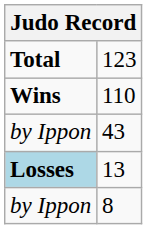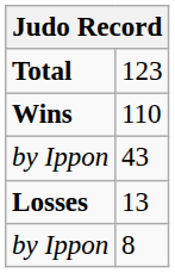 <table class="wikitable">
 <tr>
 <th colspan="2">Judo Record</th>
 </tr>
 <tr>
 <td><strong>Total</strong></td>
 <td>123</td>
 </tr>
 <tr>
 <td><strong>Wins</strong></td>
 <td>110</td>
 </tr>
 <tr>
 <td><em>by Ippon</em></td>
 <td>43</td>
 </tr>
 <tr>
-<td style="background: lightblue;"><strong>Losses</strong></td>
+<td><strong>Losses</strong></td>
 <td>13</td>
 </tr>
 <tr>
 <td><em>by Ippon</em></td>
 <td>8</td>
 </tr>
 </table>
